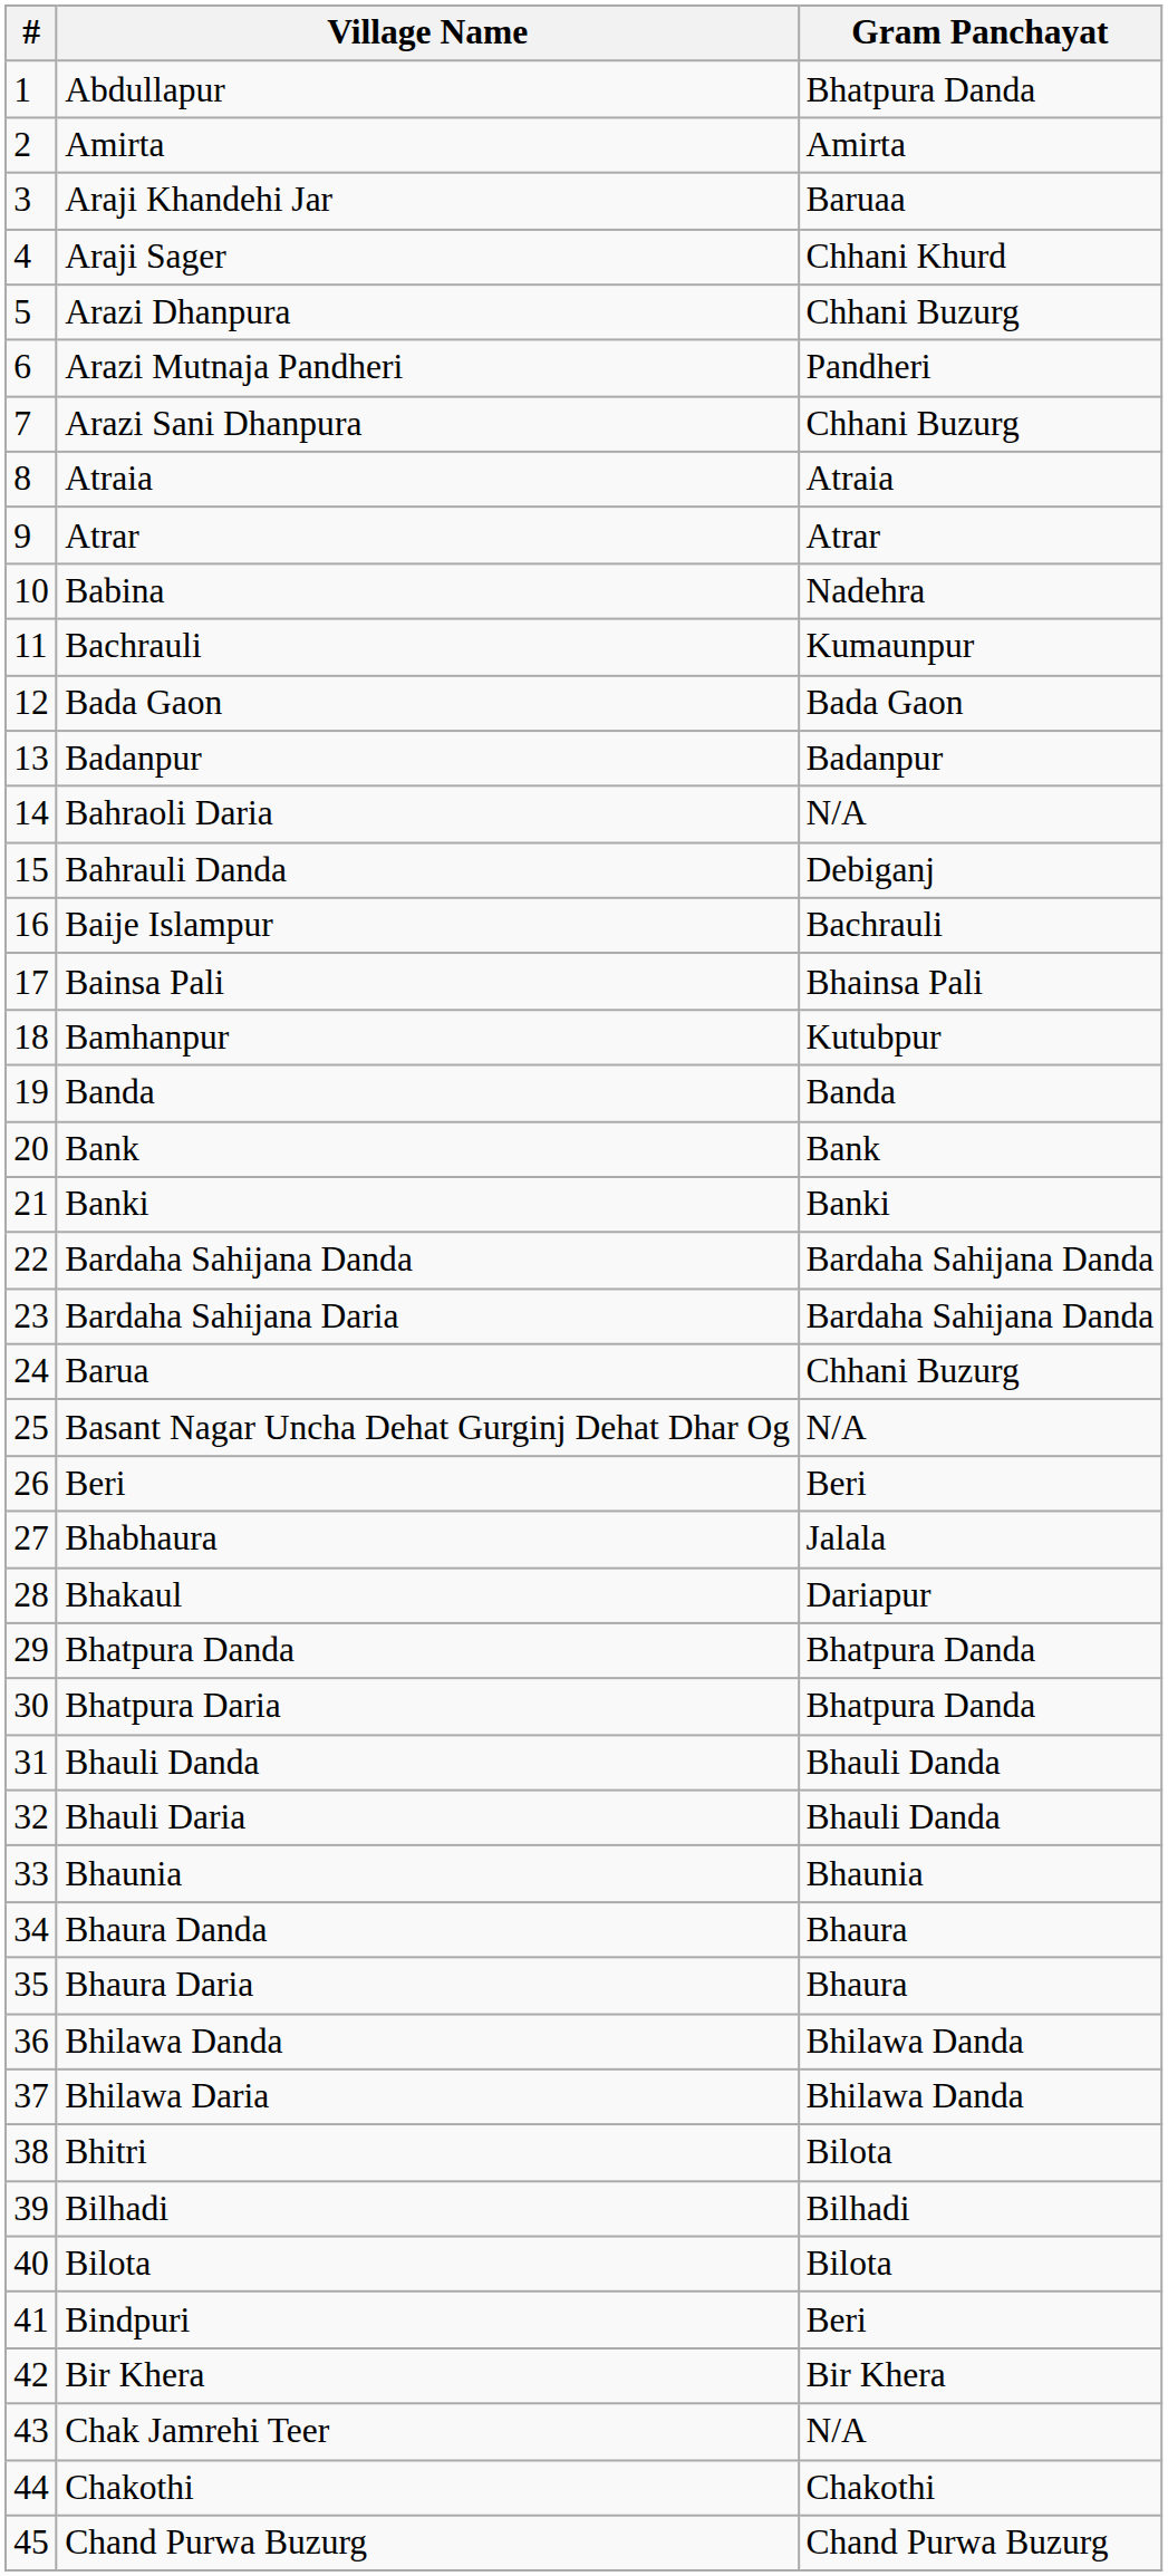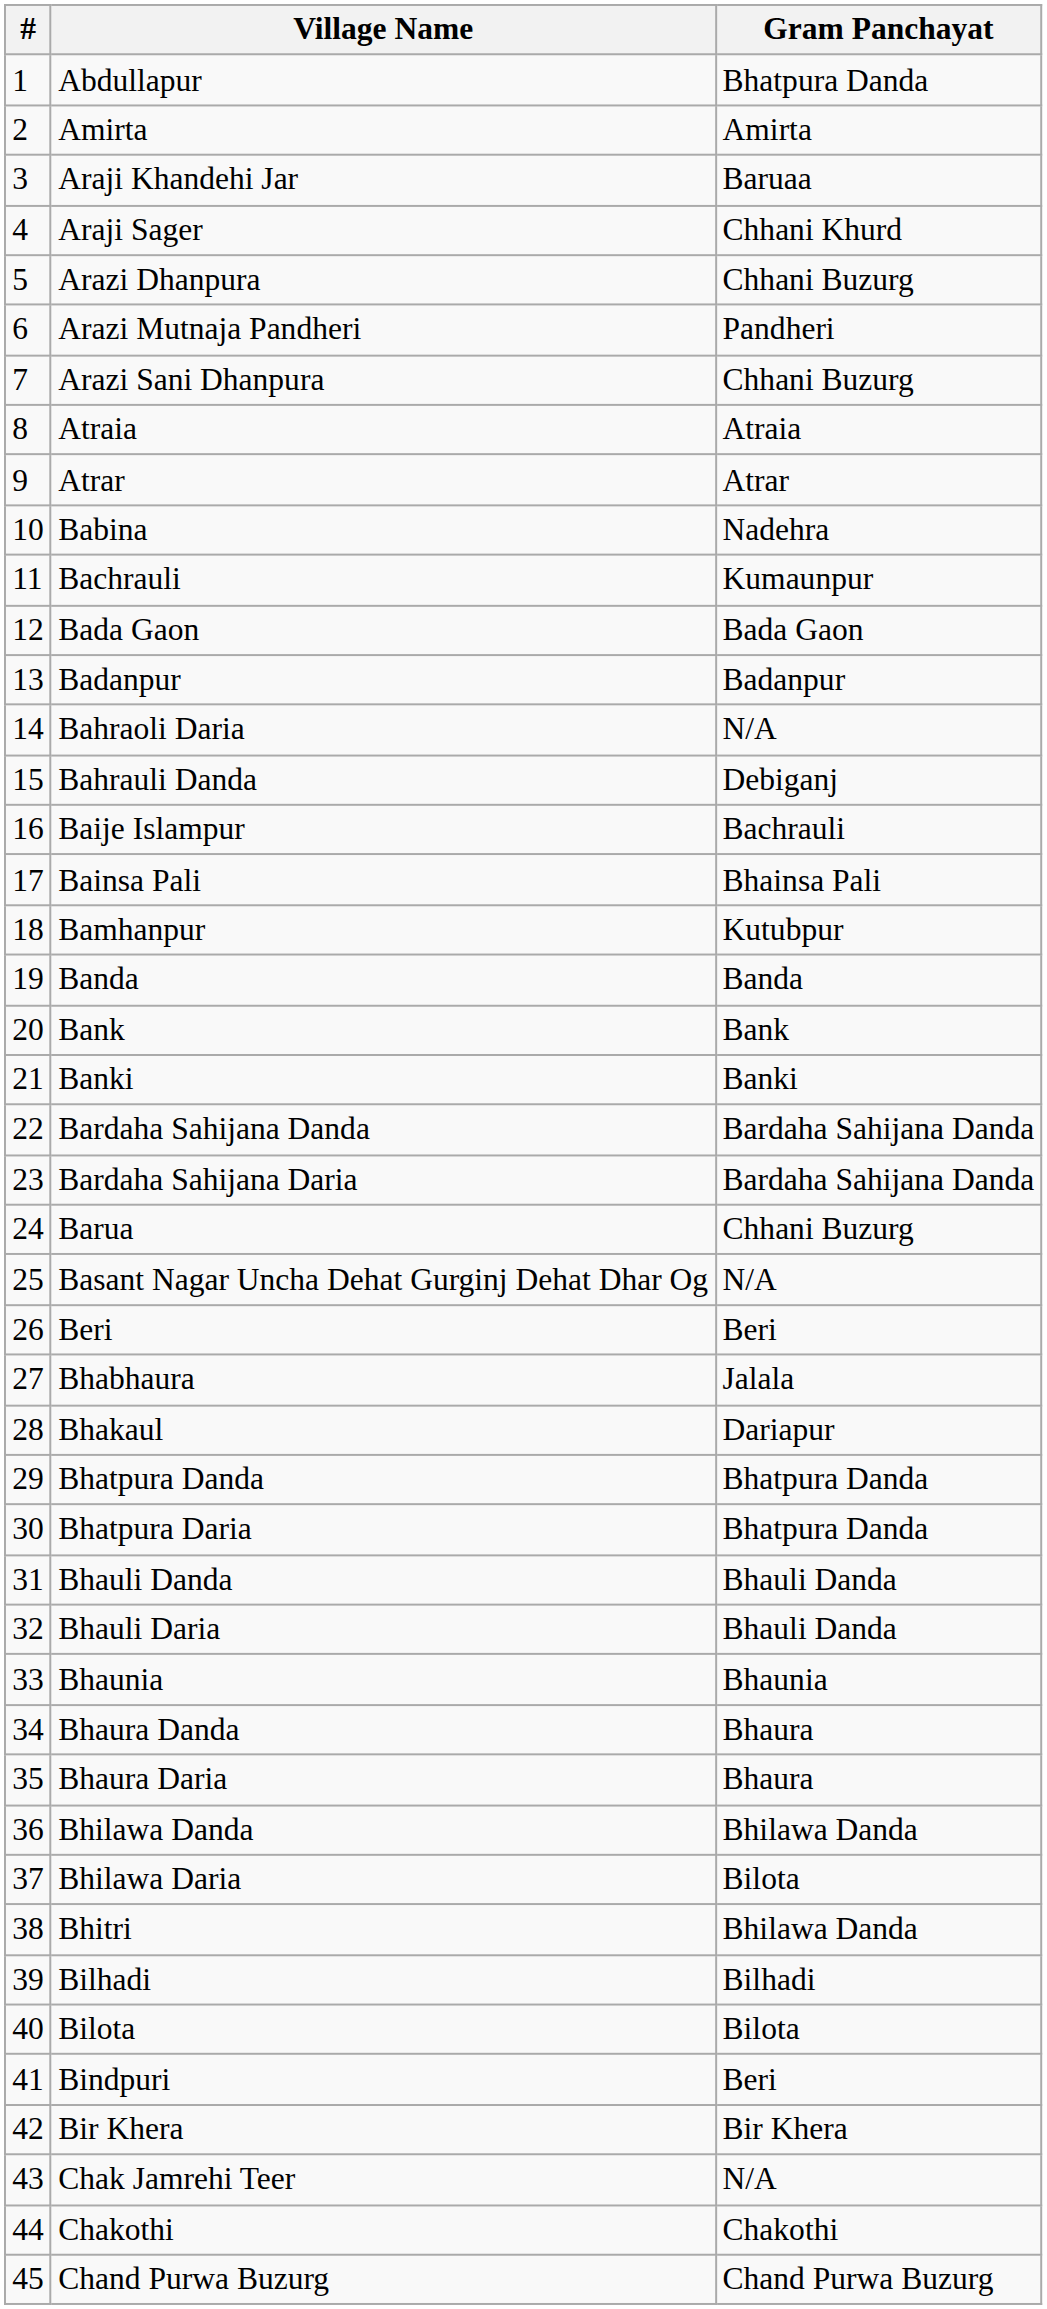 <table class="wikitable">
 <tr>
 <th>#</th>
 <th>Village Name</th>
 <th>Gram Panchayat</th>
 </tr>
 <tr>
 <td>1</td>
 <td>Abdullapur</td>
 <td>Bhatpura Danda</td>
 </tr>
 <tr>
 <td>2</td>
 <td>Amirta</td>
 <td>Amirta</td>
 </tr>
 <tr>
 <td>3</td>
 <td>Araji Khandehi Jar</td>
 <td>Baruaa</td>
 </tr>
 <tr>
 <td>4</td>
 <td>Araji Sager</td>
 <td>Chhani Khurd</td>
 </tr>
 <tr>
 <td>5</td>
 <td>Arazi Dhanpura</td>
 <td>Chhani Buzurg</td>
 </tr>
 <tr>
 <td>6</td>
 <td>Arazi Mutnaja Pandheri</td>
 <td>Pandheri</td>
 </tr>
 <tr>
 <td>7</td>
 <td>Arazi Sani Dhanpura</td>
 <td>Chhani Buzurg</td>
 </tr>
 <tr>
 <td>8</td>
 <td>Atraia</td>
 <td>Atraia</td>
 </tr>
 <tr>
 <td>9</td>
 <td>Atrar</td>
 <td>Atrar</td>
 </tr>
 <tr>
 <td>10</td>
 <td>Babina</td>
 <td>Nadehra</td>
 </tr>
 <tr>
 <td>11</td>
 <td>Bachrauli</td>
 <td>Kumaunpur</td>
 </tr>
 <tr>
 <td>12</td>
 <td>Bada Gaon</td>
 <td>Bada Gaon</td>
 </tr>
 <tr>
 <td>13</td>
 <td>Badanpur</td>
 <td>Badanpur</td>
 </tr>
 <tr>
 <td>14</td>
 <td>Bahraoli Daria</td>
 <td>N/A</td>
 </tr>
 <tr>
 <td>15</td>
 <td>Bahrauli Danda</td>
 <td>Debiganj</td>
 </tr>
 <tr>
 <td>16</td>
 <td>Baije Islampur</td>
 <td>Bachrauli</td>
 </tr>
 <tr>
 <td>17</td>
 <td>Bainsa Pali</td>
 <td>Bhainsa Pali</td>
 </tr>
 <tr>
 <td>18</td>
 <td>Bamhanpur</td>
 <td>Kutubpur</td>
 </tr>
 <tr>
 <td>19</td>
 <td>Banda</td>
 <td>Banda</td>
 </tr>
 <tr>
 <td>20</td>
 <td>Bank</td>
 <td>Bank</td>
 </tr>
 <tr>
 <td>21</td>
 <td>Banki</td>
 <td>Banki</td>
 </tr>
 <tr>
 <td>22</td>
 <td>Bardaha Sahijana Danda</td>
 <td>Bardaha Sahijana Danda</td>
 </tr>
 <tr>
 <td>23</td>
 <td>Bardaha Sahijana Daria</td>
 <td>Bardaha Sahijana Danda</td>
 </tr>
 <tr>
 <td>24</td>
 <td>Barua</td>
 <td>Chhani Buzurg</td>
 </tr>
 <tr>
 <td>25</td>
 <td>Basant Nagar Uncha Dehat Gurginj Dehat Dhar Og</td>
 <td>N/A</td>
 </tr>
 <tr>
 <td>26</td>
 <td>Beri</td>
 <td>Beri</td>
 </tr>
 <tr>
 <td>27</td>
 <td>Bhabhaura</td>
 <td>Jalala</td>
 </tr>
 <tr>
 <td>28</td>
 <td>Bhakaul</td>
 <td>Dariapur</td>
 </tr>
 <tr>
 <td>29</td>
 <td>Bhatpura Danda</td>
 <td>Bhatpura Danda</td>
 </tr>
 <tr>
 <td>30</td>
 <td>Bhatpura Daria</td>
 <td>Bhatpura Danda</td>
 </tr>
 <tr>
 <td>31</td>
 <td>Bhauli Danda</td>
 <td>Bhauli Danda</td>
 </tr>
 <tr>
 <td>32</td>
 <td>Bhauli Daria</td>
 <td>Bhauli Danda</td>
 </tr>
 <tr>
 <td>33</td>
 <td>Bhaunia</td>
 <td>Bhaunia</td>
 </tr>
 <tr>
 <td>34</td>
 <td>Bhaura Danda</td>
 <td>Bhaura</td>
 </tr>
 <tr>
 <td>35</td>
 <td>Bhaura Daria</td>
 <td>Bhaura</td>
 </tr>
 <tr>
 <td>36</td>
 <td>Bhilawa Danda</td>
 <td>Bhilawa Danda</td>
 </tr>
 <tr>
 <td>37</td>
 <td>Bhilawa Daria</td>
-<td>Bhilawa Danda</td>
+<td>Bilota</td>
 </tr>
 <tr>
 <td>38</td>
 <td>Bhitri</td>
-<td>Bilota</td>
+<td>Bhilawa Danda</td>
 </tr>
 <tr>
 <td>39</td>
 <td>Bilhadi</td>
 <td>Bilhadi</td>
 </tr>
 <tr>
 <td>40</td>
 <td>Bilota</td>
 <td>Bilota</td>
 </tr>
 <tr>
 <td>41</td>
 <td>Bindpuri</td>
 <td>Beri</td>
 </tr>
 <tr>
 <td>42</td>
 <td>Bir Khera</td>
 <td>Bir Khera</td>
 </tr>
 <tr>
 <td>43</td>
 <td>Chak Jamrehi Teer</td>
 <td>N/A</td>
 </tr>
 <tr>
 <td>44</td>
 <td>Chakothi</td>
 <td>Chakothi</td>
 </tr>
 <tr>
 <td>45</td>
 <td>Chand Purwa Buzurg</td>
 <td>Chand Purwa Buzurg</td>
 </tr>
 </table>
